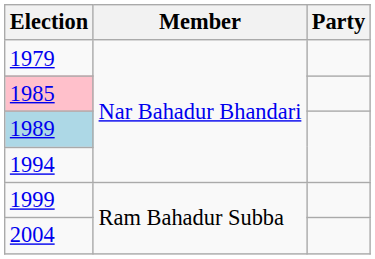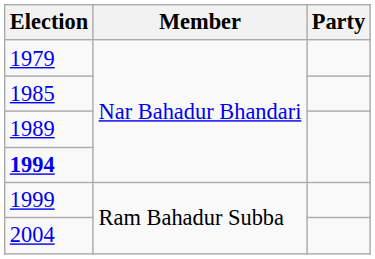 <table class="wikitable sortable">
 <tr>
 <th>Election</th>
 <th>Member</th>
 <th colspan=2>Party</th>
 </tr>
 <tr>
 <td><a href='#'>1979</a></td>
 <td rowspan=4><a href='#'>Nar Bahadur Bhandari</a></td>
 <td></td>
 </tr>
 <tr>
-<td style="background: pink;"><a href='#'>1985</a></td>
+<td><a href='#'>1985</a></td>
 <td></td>
 </tr>
 <tr>
-<td style="background: lightblue;"><a href='#'>1989</a></td>
+<td><a href='#'>1989</a></td>
 </tr>
 <tr>
-<td><a href='#'>1994</a></td>
+<td><strong><a href='#'>1994</a></strong></td>
 </tr>
 <tr>
 <td><a href='#'>1999</a></td>
 <td rowspan=2>Ram Bahadur Subba</td>
 <td></td>
 </tr>
 <tr>
 <td><a href='#'>2004</a></td>
 </tr>
 </table>
